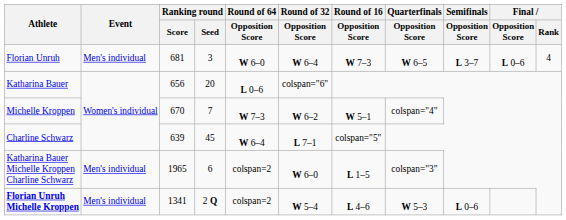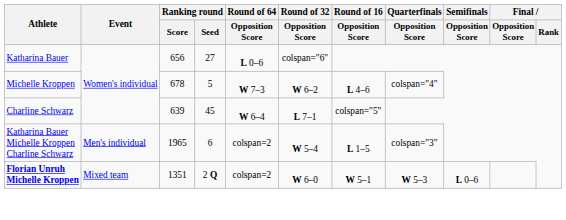 <table class="wikitable" style="font-size:90%; text-align:center">
 <tr>
 <th rowspan=2>Athlete</th>
 <th rowspan=2>Event</th>
 <th colspan="2">Ranking round</th>
 <th>Round of 64</th>
 <th>Round of 32</th>
 <th>Round of 16</th>
 <th>Quarterfinals</th>
 <th>Semifinals</th>
 <th colspan="2">Final / </th>
 </tr>
 <tr style="font-size:95%">
 <th>Score</th>
 <th>Seed</th>
 <th>Opposition<br>Score</th>
 <th>Opposition<br>Score</th>
 <th>Opposition<br>Score</th>
 <th>Opposition<br>Score</th>
 <th>Opposition<br>Score</th>
 <th>Opposition<br>Score</th>
 <th>Rank</th>
 </tr>
 <tr align=center>
-<td align=left><a href='#'>Florian Unruh</a></td>
-<td align=left><a href='#'>Men's individual</a></td>
-<td>681</td>
-<td>3</td>
-<td><br><strong>W</strong> 6–0</td>
-<td><br><strong>W</strong> 6–4</td>
-<td><br><strong>W</strong> 7–3</td>
-<td><br><strong>W</strong> 6–5</td>
-<td><br><strong>L</strong> 3–7</td>
-<td><br><strong>L</strong> 0–6</td>
-<td>4</td>
-</tr>
-<tr align=center>
 <td align=left><a href='#'>Katharina Bauer</a></td>
 <td align=left rowspan=3><a href='#'>Women's individual</a></td>
 <td>656</td>
-<td>20</td>
+<td>27</td>
 <td><br><strong>L</strong> 0–6</td>
 <td>colspan="6" </td>
 </tr>
 <tr align=center>
 <td align=left><a href='#'>Michelle Kroppen</a></td>
-<td>670</td>
-<td>7</td>
+<td>678</td>
+<td>5</td>
 <td><br><strong>W</strong> 7–3</td>
 <td><br><strong>W</strong> 6–2</td>
-<td><br><strong>W</strong> 5–1</td>
+<td><br><strong>L</strong> 4–6</td>
 <td>colspan="4" </td>
 </tr>
 <tr align=center>
 <td align=left><a href='#'>Charline Schwarz</a></td>
 <td>639</td>
 <td>45</td>
 <td><br><strong>W</strong> 6–4</td>
 <td><br><strong>L</strong> 7–1</td>
 <td>colspan="5" </td>
 </tr>
 <tr align=center>
 <td align=left><a href='#'>Katharina Bauer</a><br><a href='#'>Michelle Kroppen</a><br><a href='#'>Charline Schwarz</a></td>
 <td align=left><a href='#'>Men's individual</a></td>
 <td>1965</td>
 <td>6</td>
 <td>colspan=2 </td>
-<td><br><strong>W</strong> 6–0</td>
+<td><br><strong>W</strong> 5–4</td>
 <td><br><strong>L</strong> 1–5</td>
 <td>colspan="3" </td>
 </tr>
 <tr align=center>
 <td align=left><strong><a href='#'>Florian Unruh</a><br><a href='#'>Michelle Kroppen</a></strong></td>
-<td align=left><a href='#'>Men's individual</a></td>
-<td>1341</td>
+<td align=left><a href='#'>Mixed team</a></td>
+<td>1351</td>
 <td>2 <strong>Q</strong></td>
 <td>colspan=2 </td>
-<td><br><strong>W</strong> 5–4</td>
-<td><br><strong>L</strong> 4–6</td>
+<td><br><strong>W</strong> 6–0</td>
+<td><br><strong>W</strong> 5–1</td>
 <td><br><strong>W</strong> 5–3</td>
 <td><br><strong>L</strong> 0–6</td>
 <td></td>
 </tr>
 </table>
